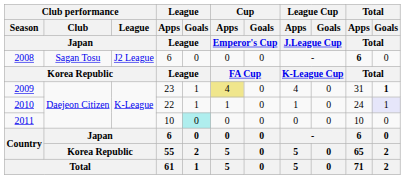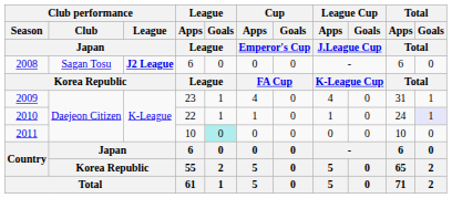 <table class="wikitable" style="text-align:center;">
 <tr>
 <th colspan=3>Club performance</th>
 <th colspan=2>League</th>
 <th colspan=2>Cup</th>
 <th colspan=2>League Cup</th>
 <th colspan=2>Total</th>
 </tr>
 <tr>
 <th>Season</th>
 <th>Club</th>
 <th>League</th>
 <th>Apps</th>
 <th>Goals</th>
 <th>Apps</th>
 <th>Goals</th>
 <th>Apps</th>
 <th>Goals</th>
 <th>Apps</th>
 <th>Goals</th>
 </tr>
 <tr>
 <th colspan=3>Japan</th>
 <th colspan=2>League</th>
 <th colspan=2><a href='#'>Emperor's Cup</a></th>
 <th colspan=2><a href='#'>J.League Cup</a></th>
 <th colspan=2>Total</th>
 </tr>
 <tr>
 <td><a href='#'>2008</a></td>
 <td><a href='#'>Sagan Tosu</a></td>
-<td><a href='#'>J2 League</a></td>
+<td><strong><a href='#'>J2 League</a></strong></td>
 <td>6</td>
 <td>0</td>
 <td>0</td>
 <td>0</td>
 <td colspan="2">-</td>
-<td><strong>6</strong></td>
+<td>6</td>
 <td>0</td>
 </tr>
 <tr>
 <th colspan=3>Korea Republic</th>
 <th colspan=2>League</th>
 <th colspan=2><a href='#'>FA Cup</a></th>
 <th colspan=2><a href='#'>K-League Cup</a></th>
 <th colspan=2>Total</th>
 </tr>
 <tr>
 <td><a href='#'>2009</a></td>
 <td rowspan="3"><a href='#'>Daejeon Citizen</a></td>
 <td rowspan="3"><a href='#'>K-League</a></td>
 <td>23</td>
 <td>1</td>
-<td style="background: khaki;">4</td>
+<td>4</td>
 <td>0</td>
 <td>4</td>
 <td>0</td>
 <td>31</td>
-<td><strong>1</strong></td>
+<td>1</td>
 </tr>
 <tr>
 <td><a href='#'>2010</a></td>
 <td>22</td>
 <td>1</td>
 <td>1</td>
 <td>0</td>
 <td>1</td>
 <td>0</td>
 <td>24</td>
 <td style="background: lavender;">1</td>
 </tr>
 <tr>
 <td><a href='#'>2011</a></td>
 <td>10</td>
 <td style="background: paleturquoise;">0</td>
 <td>0</td>
 <td>0</td>
 <td>0</td>
 <td>0</td>
 <td>10</td>
 <td>0</td>
 </tr>
 <tr>
 <th rowspan=2>Country</th>
 <th colspan=2>Japan</th>
 <th>6</th>
 <th>0</th>
 <th>0</th>
 <th>0</th>
 <th colspan="2">-</th>
 <th>6</th>
 <th>0</th>
 </tr>
 <tr>
 <th colspan=2>Korea Republic</th>
 <th>55</th>
 <th>2</th>
 <th>5</th>
 <th>0</th>
 <th>5</th>
 <th>0</th>
 <th>65</th>
 <th>2</th>
 </tr>
 <tr>
 <th colspan=3>Total</th>
 <th>61</th>
 <th>1</th>
 <th>5</th>
 <th>0</th>
 <th>5</th>
 <th>0</th>
 <th>71</th>
 <th>2</th>
 </tr>
 </table>
